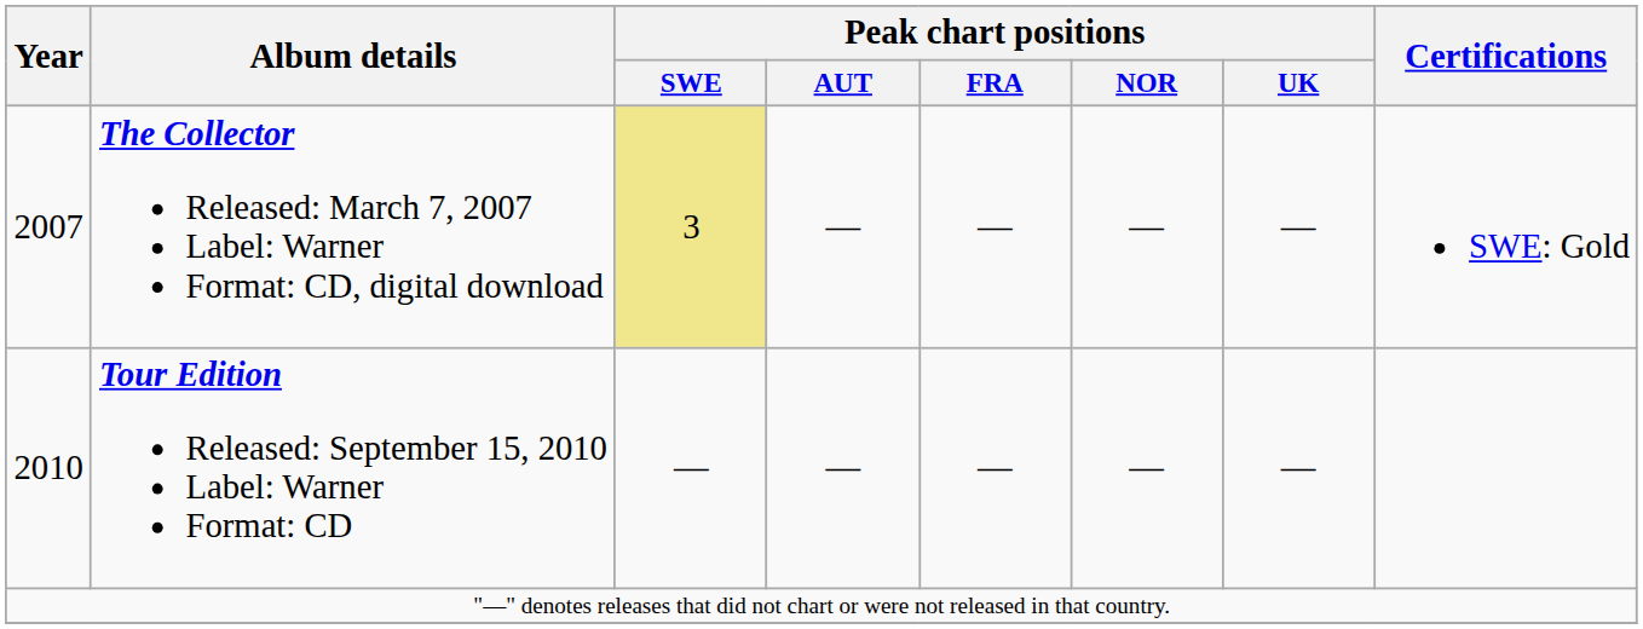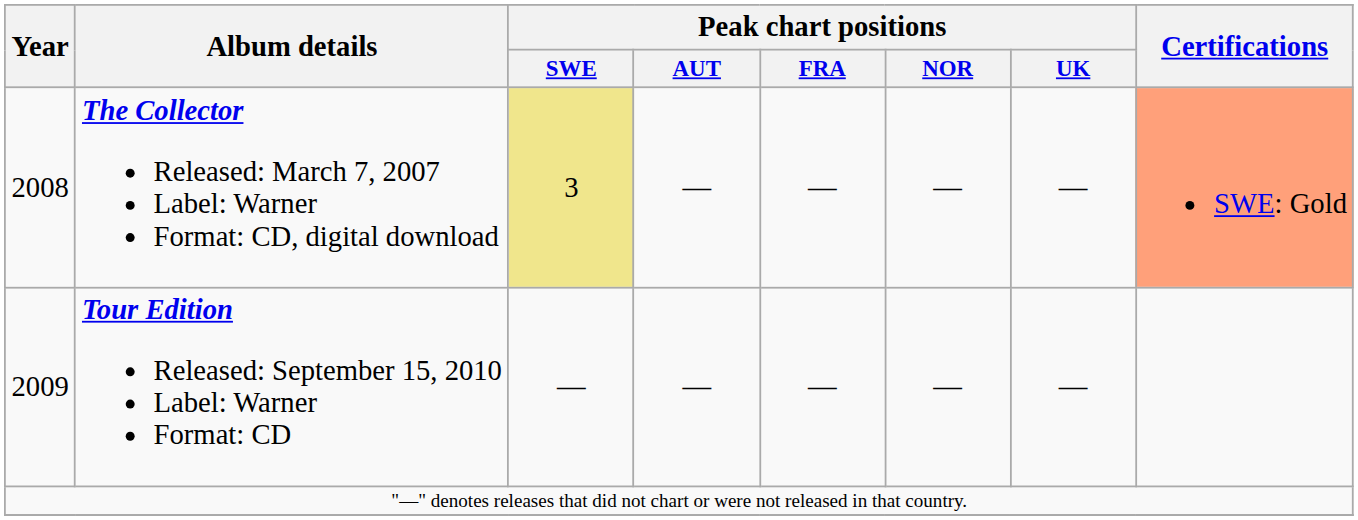 <table class="wikitable">
 <tr>
 <th rowspan="2">Year</th>
 <th rowspan="2">Album details</th>
 <th colspan="5">Peak chart positions</th>
 <th rowspan="2"><a href='#'>Certifications</a></th>
 </tr>
 <tr>
 <th style="width:5em;font-size:80%"><a href='#'>SWE</a><br></th>
 <th style="width:5em;font-size:80%"><a href='#'>AUT</a><br></th>
 <th style="width:5em;font-size:80%"><a href='#'>FRA</a><br></th>
 <th style="width:5em;font-size:80%"><a href='#'>NOR</a><br></th>
 <th style="width:5em;font-size:80%"><a href='#'>UK</a><br></th>
 </tr>
 <tr>
-<td style="text-align:center;">2007</td>
+<td style="text-align:center;">2008</td>
 <td align="left"><strong><em><a href='#'>The Collector</a></em></strong><br><ul><li>Released: March 7, 2007</li><li>Label: Warner</li><li>Format: CD, digital download</li></ul></td>
 <td style="background: khaki; text-align:center">3</td>
 <td style="text-align:center">—</td>
 <td style="text-align:center">—</td>
 <td style="text-align:center">—</td>
 <td style="text-align:center">—</td>
-<td style="text-align:left;"><br><ul><li><a href='#'>SWE</a>: Gold</li></ul></td>
+<td style="background: lightsalmon; text-align:left;"><br><ul><li><a href='#'>SWE</a>: Gold</li></ul></td>
 </tr>
 <tr>
-<td style="text-align:center;">2010</td>
+<td style="text-align:center;">2009</td>
 <td align="left"><strong><em><a href='#'>Tour Edition</a></em></strong><br><ul><li>Released: September 15, 2010</li><li>Label: Warner</li><li>Format: CD</li></ul></td>
 <td style="text-align:center">—</td>
 <td style="text-align:center">—</td>
 <td style="text-align:center">—</td>
 <td style="text-align:center">—</td>
 <td style="text-align:center">—</td>
 <td style="text-align:left;"></td>
 </tr>
 <tr>
 <td align="center" colspan="21" style="font-size: 8pt">"—" denotes releases that did not chart or were not released in that country.</td>
 </tr>
 <tr>
 </tr>
 </table>
